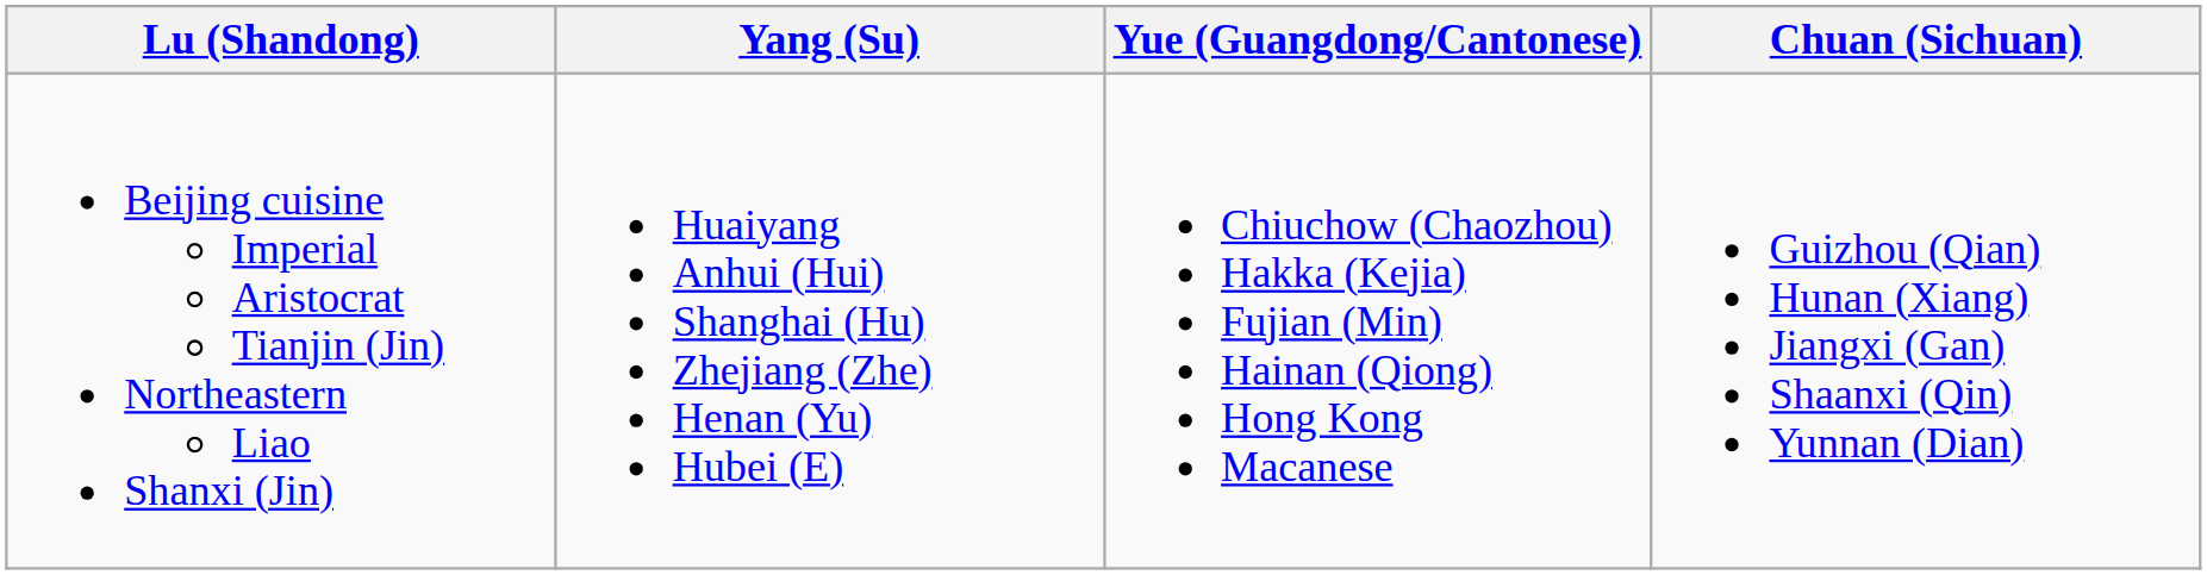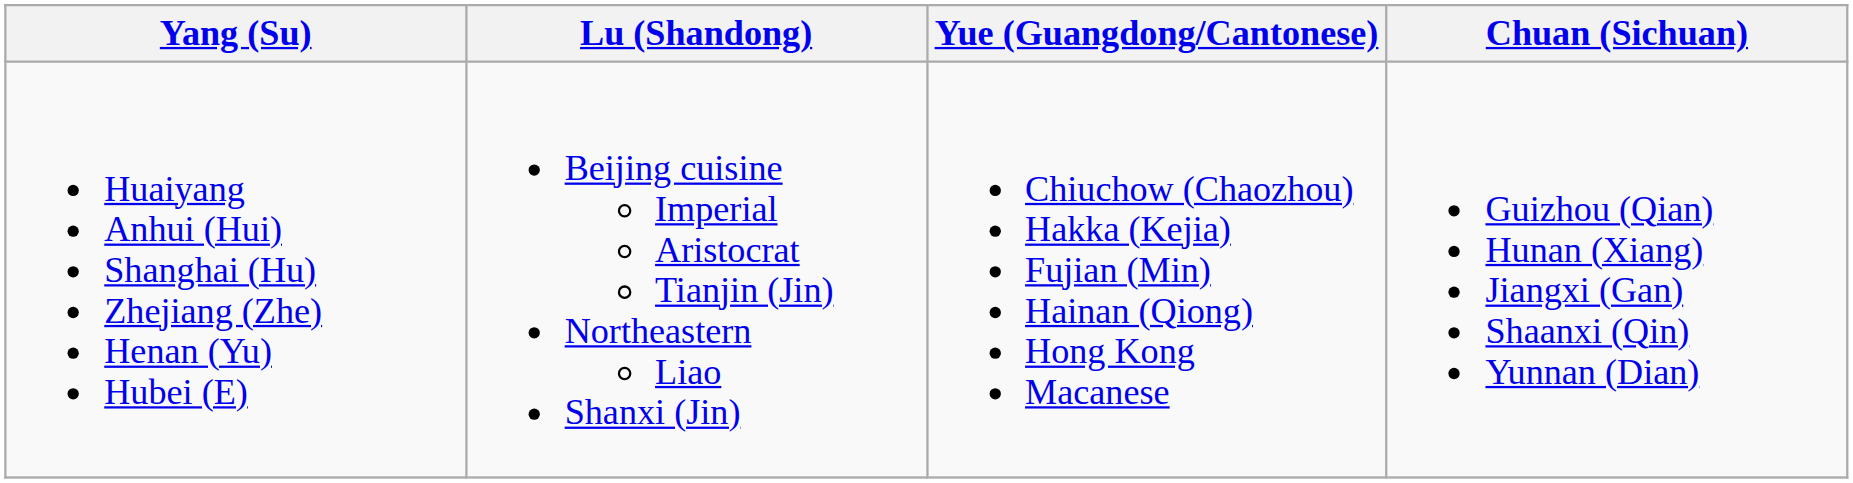 <table class="wikitable" style="margin:1em auto;">
 <tr>
+<th width=25%><a href='#'>Yang (Su)</a></th>
 <th width=25%><a href='#'>Lu (Shandong)</a></th>
-<th width=25%><a href='#'>Yang (Su)</a></th>
 <th width=25%><a href='#'>Yue (Guangdong/Cantonese)</a></th>
 <th width=25%><a href='#'>Chuan (Sichuan)</a></th>
 </tr>
 <tr>
+<td><br><ul><li><a href='#'>Huaiyang</a></li><li><a href='#'>Anhui (Hui)</a></li><li><a href='#'>Shanghai (Hu)</a></li><li><a href='#'>Zhejiang (Zhe)</a></li><li><a href='#'>Henan (Yu)</a></li><li><a href='#'>Hubei (E)</a></li></ul></td>
 <td><br><ul><li><a href='#'>Beijing cuisine</a><ul><li><a href='#'>Imperial</a></li><li><a href='#'>Aristocrat</a></li><li><a href='#'>Tianjin (Jin)</a></li></ul></li><li><a href='#'>Northeastern</a><ul><li><a href='#'>Liao</a></li></ul></li><li><a href='#'>Shanxi (Jin)</a></li></ul></td>
-<td><br><ul><li><a href='#'>Huaiyang</a></li><li><a href='#'>Anhui (Hui)</a></li><li><a href='#'>Shanghai (Hu)</a></li><li><a href='#'>Zhejiang (Zhe)</a></li><li><a href='#'>Henan (Yu)</a></li><li><a href='#'>Hubei (E)</a></li></ul></td>
 <td><br><ul><li><a href='#'>Chiuchow (Chaozhou)</a></li><li><a href='#'>Hakka (Kejia)</a></li><li><a href='#'>Fujian (Min)</a></li><li><a href='#'>Hainan (Qiong)</a></li><li><a href='#'>Hong Kong</a></li><li><a href='#'>Macanese</a></li></ul></td>
 <td><br><ul><li><a href='#'>Guizhou (Qian)</a></li><li><a href='#'>Hunan (Xiang)</a></li><li><a href='#'>Jiangxi (Gan)</a></li><li><a href='#'>Shaanxi (Qin)</a></li><li><a href='#'>Yunnan (Dian)</a></li></ul></td>
 </tr>
 </table>
